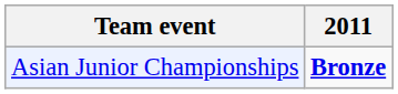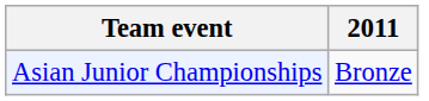 <table style='font-size: 90%; text-align:center;' class='wikitable'>
 <tr>
 <th>Team event</th>
 <th>2011</th>
 </tr>
 <tr>
 <td bgcolor="#ECF2FF"; align="left"><a href='#'>Asian Junior Championships</a></td>
-<td><strong> <a href='#'>Bronze</a></strong></td>
+<td> <a href='#'>Bronze</a></td>
 </tr>
 </table>
